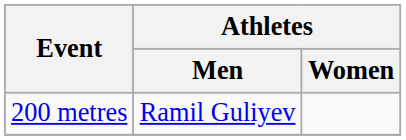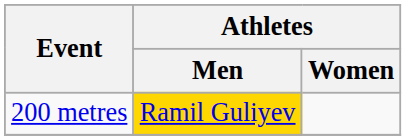 <table class=wikitable style="font-size:90%">
 <tr>
 <th rowspan=2>Event</th>
 <th colspan=2>Athletes</th>
 </tr>
 <tr>
 <th>Men</th>
 <th>Women</th>
 </tr>
 <tr>
 <td><a href='#'>200 metres</a></td>
-<td><a href='#'>Ramil Guliyev</a></td>
+<td style="background: gold;"><a href='#'>Ramil Guliyev</a></td>
 <td></td>
 </tr>
 <tr>
 </tr>
 </table>
